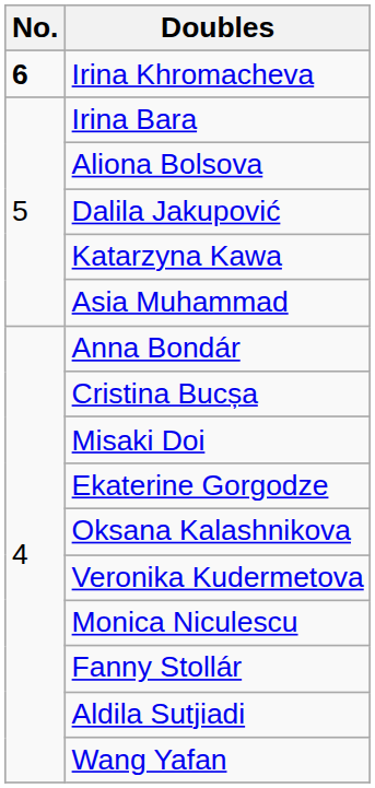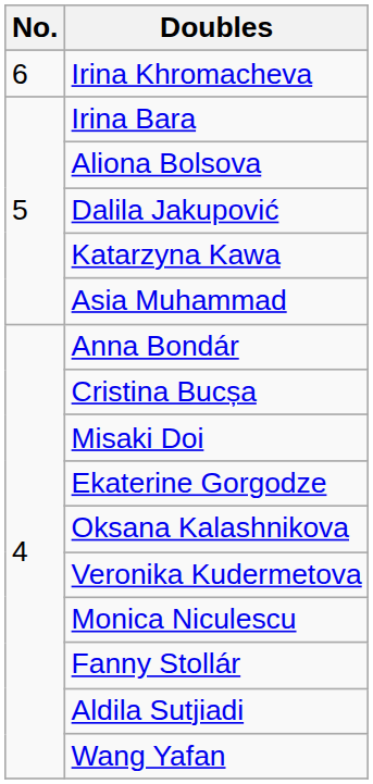 <table class="wikitable nowrap">
 <tr>
 <th>No.</th>
 <th>Doubles</th>
 </tr>
 <tr>
-<td><strong>6</strong></td>
+<td>6</td>
 <td> <a href='#'>Irina Khromacheva</a></td>
 </tr>
 <tr>
 <td rowspan="5">5</td>
 <td> <a href='#'>Irina Bara</a></td>
 </tr>
 <tr>
 <td> <a href='#'>Aliona Bolsova</a></td>
 </tr>
 <tr>
 <td> <a href='#'>Dalila Jakupović</a></td>
 </tr>
 <tr>
 <td> <a href='#'>Katarzyna Kawa</a></td>
 </tr>
 <tr>
 <td> <a href='#'>Asia Muhammad</a></td>
 </tr>
 <tr>
 <td rowspan="10">4</td>
 <td> <a href='#'>Anna Bondár</a></td>
 </tr>
 <tr>
 <td> <a href='#'>Cristina Bucșa</a></td>
 </tr>
 <tr>
 <td> <a href='#'>Misaki Doi</a></td>
 </tr>
 <tr>
 <td> <a href='#'>Ekaterine Gorgodze</a></td>
 </tr>
 <tr>
 <td> <a href='#'>Oksana Kalashnikova</a></td>
 </tr>
 <tr>
 <td> <a href='#'>Veronika Kudermetova</a></td>
 </tr>
 <tr>
 <td> <a href='#'>Monica Niculescu</a></td>
 </tr>
 <tr>
 <td> <a href='#'>Fanny Stollár</a></td>
 </tr>
 <tr>
 <td> <a href='#'>Aldila Sutjiadi</a></td>
 </tr>
 <tr>
 <td> <a href='#'>Wang Yafan</a></td>
 </tr>
 </table>
